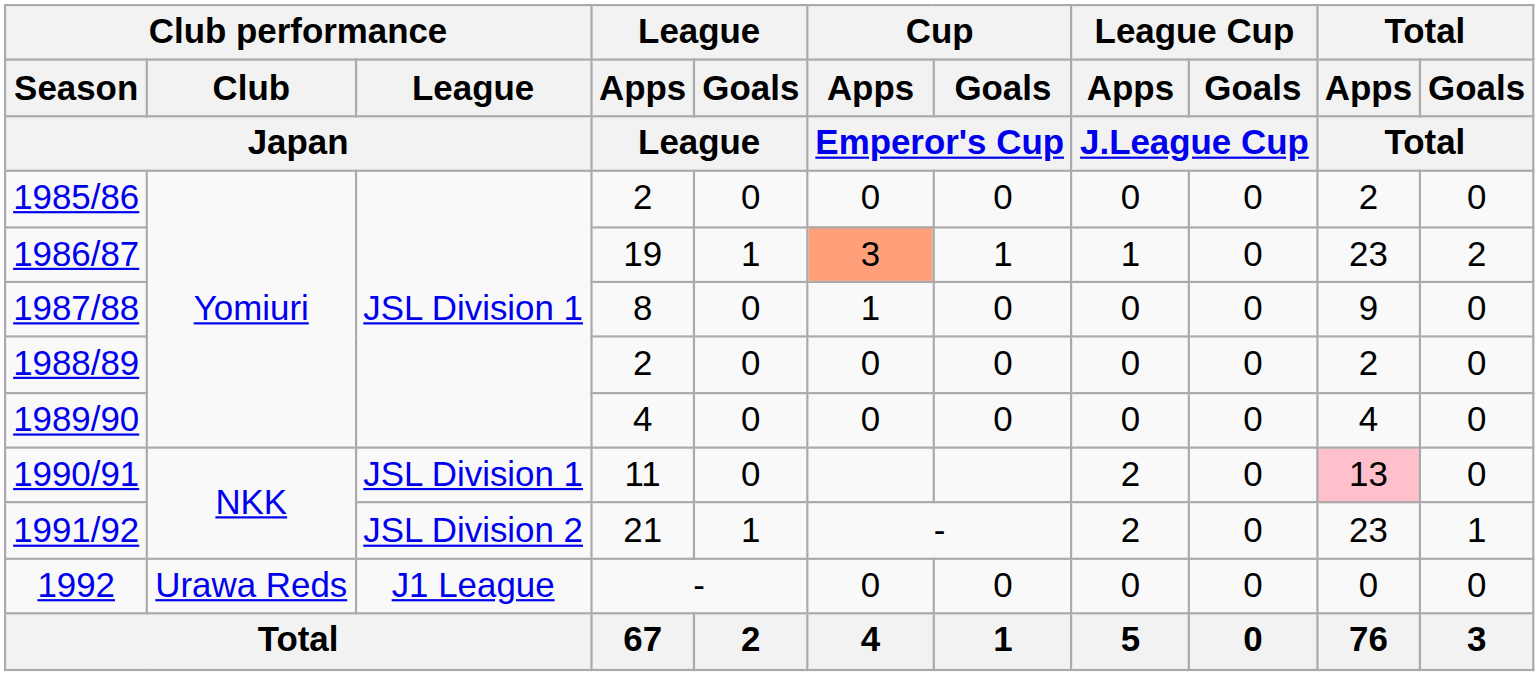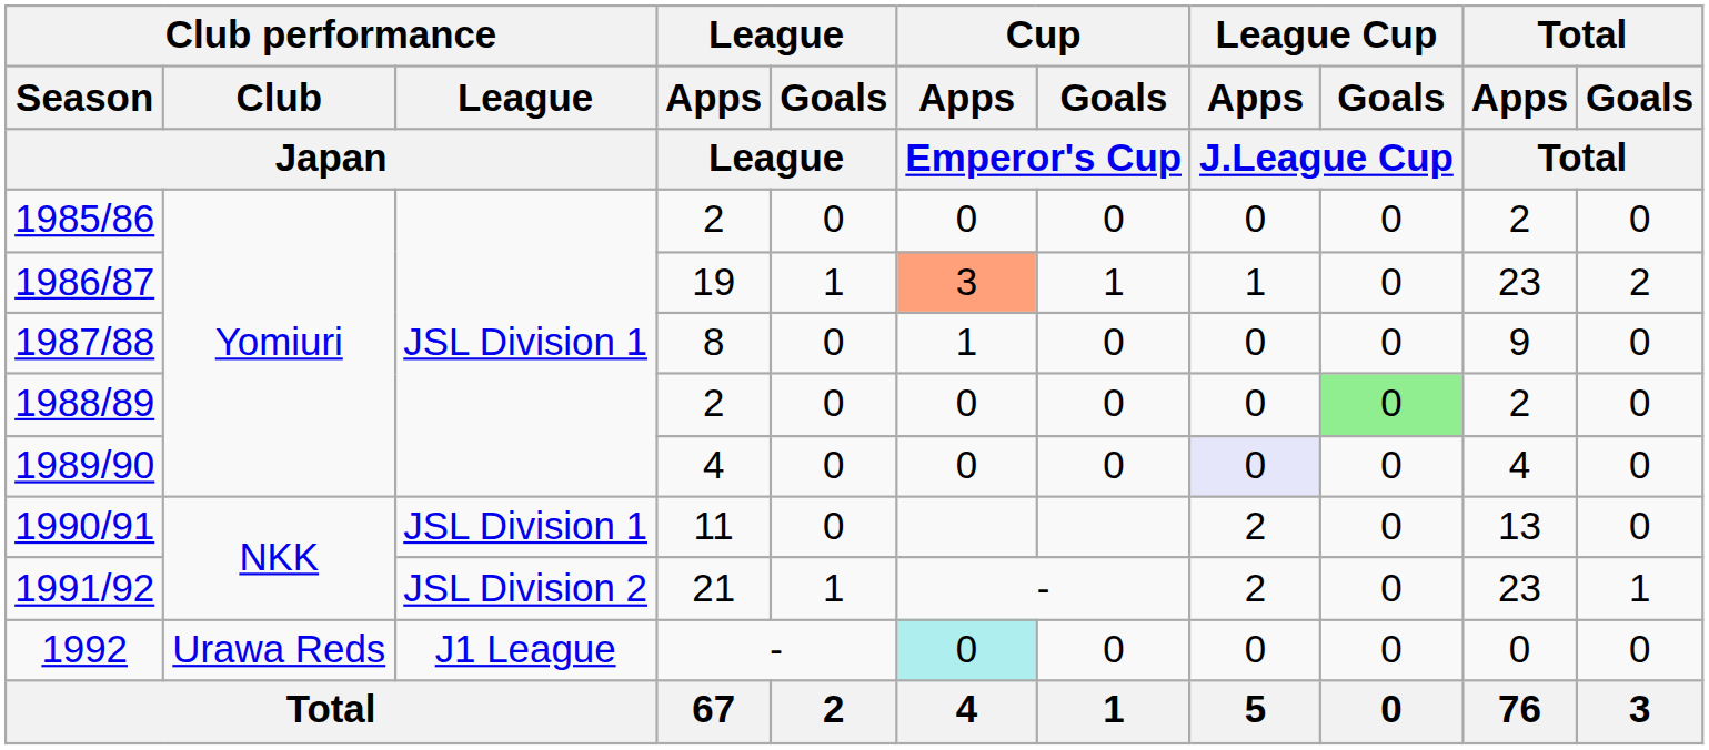 <table class="wikitable" style="text-align:center;">
 <tr>
 <th colspan=3>Club performance</th>
 <th colspan=2>League</th>
 <th colspan=2>Cup</th>
 <th colspan=2>League Cup</th>
 <th colspan=2>Total</th>
 </tr>
 <tr>
 <th>Season</th>
 <th>Club</th>
 <th>League</th>
 <th>Apps</th>
 <th>Goals</th>
 <th>Apps</th>
 <th>Goals</th>
 <th>Apps</th>
 <th>Goals</th>
 <th>Apps</th>
 <th>Goals</th>
 </tr>
 <tr>
 <th colspan=3>Japan</th>
 <th colspan=2>League</th>
 <th colspan=2><a href='#'>Emperor's Cup</a></th>
 <th colspan=2><a href='#'>J.League Cup</a></th>
 <th colspan=2>Total</th>
 </tr>
 <tr>
 <td><a href='#'>1985/86</a></td>
 <td rowspan="5"><a href='#'>Yomiuri</a></td>
 <td rowspan="5"><a href='#'>JSL Division 1</a></td>
 <td>2</td>
 <td>0</td>
 <td>0</td>
 <td>0</td>
 <td>0</td>
 <td>0</td>
 <td>2</td>
 <td>0</td>
 </tr>
 <tr>
 <td><a href='#'>1986/87</a></td>
 <td>19</td>
 <td>1</td>
 <td style="background: lightsalmon;">3</td>
 <td>1</td>
 <td>1</td>
 <td>0</td>
 <td>23</td>
 <td>2</td>
 </tr>
 <tr>
 <td><a href='#'>1987/88</a></td>
 <td>8</td>
 <td>0</td>
 <td>1</td>
 <td>0</td>
 <td>0</td>
 <td>0</td>
 <td>9</td>
 <td>0</td>
 </tr>
 <tr>
 <td><a href='#'>1988/89</a></td>
 <td>2</td>
 <td>0</td>
 <td>0</td>
 <td>0</td>
 <td>0</td>
-<td>0</td>
+<td style="background: lightgreen;">0</td>
 <td>2</td>
 <td>0</td>
 </tr>
 <tr>
 <td><a href='#'>1989/90</a></td>
 <td>4</td>
 <td>0</td>
 <td>0</td>
 <td>0</td>
-<td>0</td>
+<td style="background: lavender;">0</td>
 <td>0</td>
 <td>4</td>
 <td>0</td>
 </tr>
 <tr>
 <td><a href='#'>1990/91</a></td>
 <td rowspan="2"><a href='#'>NKK</a></td>
 <td><a href='#'>JSL Division 1</a></td>
 <td>11</td>
 <td>0</td>
 <td></td>
 <td></td>
 <td>2</td>
 <td>0</td>
-<td style="background: pink;">13</td>
+<td>13</td>
 <td>0</td>
 </tr>
 <tr>
 <td><a href='#'>1991/92</a></td>
 <td><a href='#'>JSL Division 2</a></td>
 <td>21</td>
 <td>1</td>
 <td colspan="2">-</td>
 <td>2</td>
 <td>0</td>
 <td>23</td>
 <td>1</td>
 </tr>
 <tr>
 <td><a href='#'>1992</a></td>
 <td><a href='#'>Urawa Reds</a></td>
 <td><a href='#'>J1 League</a></td>
 <td colspan="2">-</td>
-<td>0</td>
+<td style="background: paleturquoise;">0</td>
 <td>0</td>
 <td>0</td>
 <td>0</td>
 <td>0</td>
 <td>0</td>
 </tr>
 <tr>
 <th colspan=3>Total</th>
 <th>67</th>
 <th>2</th>
 <th>4</th>
 <th>1</th>
 <th>5</th>
 <th>0</th>
 <th>76</th>
 <th>3</th>
 </tr>
 </table>
